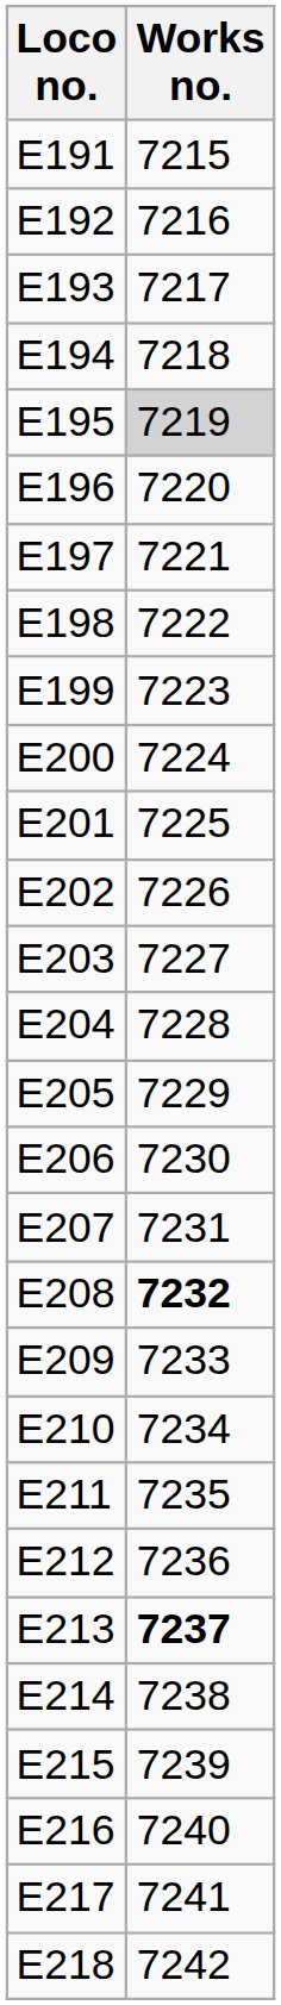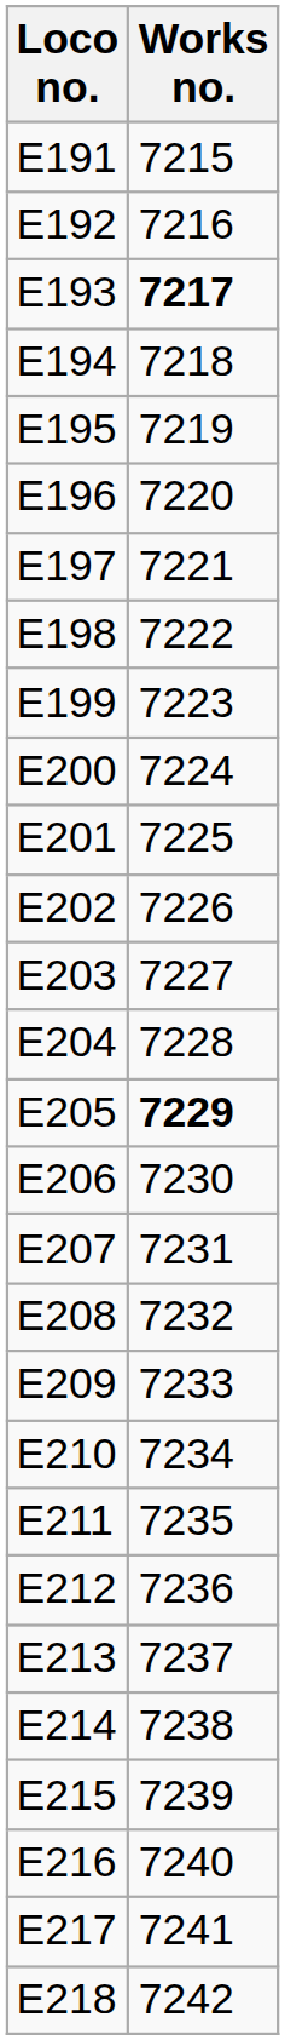 <table class="wikitable collapsible collapsed sortable" style="margin:0.5em auto; font-size:100%;">
 <tr>
 <th>Loco<br>no.</th>
 <th>Works<br>no.</th>
 </tr>
 <tr>
 <td>E191</td>
 <td>7215</td>
 </tr>
 <tr>
 <td>E192</td>
 <td>7216</td>
 </tr>
 <tr>
 <td>E193</td>
-<td>7217</td>
+<td><strong>7217</strong></td>
 </tr>
 <tr>
 <td>E194</td>
 <td>7218</td>
 </tr>
 <tr>
 <td>E195</td>
-<td style="background: lightgrey;">7219</td>
+<td>7219</td>
 </tr>
 <tr>
 <td>E196</td>
 <td>7220</td>
 </tr>
 <tr>
 <td>E197</td>
 <td>7221</td>
 </tr>
 <tr>
 <td>E198</td>
 <td>7222</td>
 </tr>
 <tr>
 <td>E199</td>
 <td>7223</td>
 </tr>
 <tr>
 <td>E200</td>
 <td>7224</td>
 </tr>
 <tr>
 <td>E201</td>
 <td>7225</td>
 </tr>
 <tr>
 <td>E202</td>
 <td>7226</td>
 </tr>
 <tr>
 <td>E203</td>
 <td>7227</td>
 </tr>
 <tr>
 <td>E204</td>
 <td>7228</td>
 </tr>
 <tr>
 <td>E205</td>
-<td>7229</td>
+<td><strong>7229</strong></td>
 </tr>
 <tr>
 <td>E206</td>
 <td>7230</td>
 </tr>
 <tr>
 <td>E207</td>
 <td>7231</td>
 </tr>
 <tr>
 <td>E208</td>
-<td><strong>7232</strong></td>
+<td>7232</td>
 </tr>
 <tr>
 <td>E209</td>
 <td>7233</td>
 </tr>
 <tr>
 <td>E210</td>
 <td>7234</td>
 </tr>
 <tr>
 <td>E211</td>
 <td>7235</td>
 </tr>
 <tr>
 <td>E212</td>
 <td>7236</td>
 </tr>
 <tr>
 <td>E213</td>
-<td><strong>7237</strong></td>
+<td>7237</td>
 </tr>
 <tr>
 <td>E214</td>
 <td>7238</td>
 </tr>
 <tr>
 <td>E215</td>
 <td>7239</td>
 </tr>
 <tr>
 <td>E216</td>
 <td>7240</td>
 </tr>
 <tr>
 <td>E217</td>
 <td>7241</td>
 </tr>
 <tr>
 <td>E218</td>
 <td>7242</td>
 </tr>
 <tr>
 </tr>
 </table>
